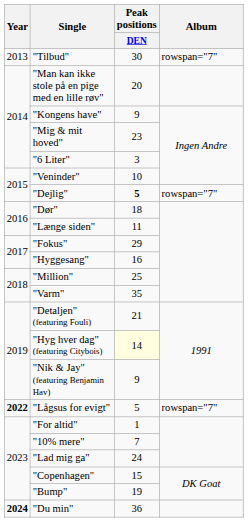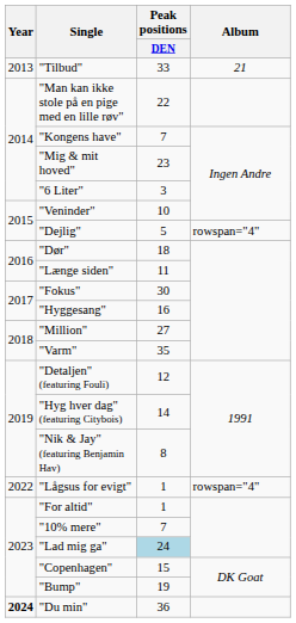 <table class="wikitable">
 <tr>
 <th align="center" rowspan="2" width="10">Year</th>
 <th align="center" rowspan="2" width="120">Single</th>
 <th align="center" colspan="1" width="20">Peak positions</th>
 <th align="center" rowspan="2" width="120">Album</th>
 </tr>
 <tr>
 <th scope="col" style="width:3em;font-size:90%;"><a href='#'>DEN</a><br></th>
 </tr>
 <tr>
 <td style="text-align:center;">2013</td>
 <td>"Tilbud"</td>
-<td style="text-align:center;">30</td>
-<td>rowspan="7" </td>
+<td style="text-align:center;">33</td>
+<td style="text-align:center;"><em>21</em></td>
 </tr>
 <tr>
 <td style="text-align:center;" rowspan=4>2014</td>
 <td>"Man kan ikke stole på en pige med en lille røv"</td>
-<td style="text-align:center;">20</td>
+<td style="text-align:center;">22</td>
 <td></td>
 </tr>
 <tr>
 <td>"Kongens have"</td>
-<td style="text-align:center;">9</td>
+<td style="text-align:center;">7</td>
 <td style="text-align:center;" rowspan="4"><em>Ingen Andre</em></td>
 </tr>
 <tr>
 <td>"Mig & mit hoved"</td>
 <td style="text-align:center;">23</td>
 </tr>
 <tr>
 <td>"6 Liter"</td>
 <td style="text-align:center;">3</td>
 </tr>
 <tr>
 <td style="text-align:center;" rowspan=2>2015</td>
 <td>"Veninder"</td>
 <td style="text-align:center;">10</td>
 </tr>
 <tr>
 <td>"Dejlig"</td>
-<td style="text-align:center;"><strong>5</strong></td>
-<td>rowspan="7" </td>
+<td style="text-align:center;">5</td>
+<td>rowspan="4" </td>
 </tr>
 <tr>
 <td style="text-align:center;" rowspan="2">2016</td>
 <td>"Dør"</td>
 <td style="text-align:center;">18</td>
 </tr>
 <tr>
 <td>"Længe siden"</td>
 <td style="text-align:center;">11</td>
 </tr>
 <tr>
 <td style="text-align:center;" rowspan="2">2017</td>
 <td>"Fokus"</td>
-<td style="text-align:center;">29</td>
+<td style="text-align:center;">30</td>
 </tr>
 <tr>
 <td>"Hyggesang"</td>
 <td style="text-align:center;">16</td>
 </tr>
 <tr>
 <td style="text-align:center;" rowspan="2">2018</td>
 <td>"Million"</td>
-<td style="text-align:center;">25</td>
+<td style="text-align:center;">27</td>
 </tr>
 <tr>
 <td>"Varm"</td>
 <td style="text-align:center;">35</td>
 </tr>
 <tr>
 <td style="text-align:center;" rowspan="3">2019</td>
 <td>"Detaljen"<br><small>(featuring Fouli)</small></td>
-<td style="text-align:center;">21<br></td>
+<td style="text-align:center;">12<br></td>
 <td style="text-align:center;" rowspan="3"><em>1991</em></td>
 </tr>
 <tr>
 <td>"Hyg hver dag"<br><small>(featuring Citybois)</small></td>
-<td style="background: lightyellow; text-align:center;">14<br></td>
+<td style="text-align:center;">14<br></td>
 </tr>
 <tr>
 <td>"Nik & Jay"<br><small>(featuring Benjamin Hav)</small></td>
-<td style="text-align:center;">9<br></td>
+<td style="text-align:center;">8<br></td>
 </tr>
 <tr>
-<td style="text-align:center;"><strong>2022</strong></td>
+<td style="text-align:center;">2022</td>
 <td>"Lågsus for evigt"<br></td>
-<td style="text-align:center;">5<br></td>
-<td>rowspan="7" </td>
+<td style="text-align:center;">1<br></td>
+<td>rowspan="4" </td>
 </tr>
 <tr>
 <td style="text-align:center;" rowspan="5">2023</td>
 <td>"For altid"</td>
 <td style="text-align:center;">1<br></td>
 </tr>
 <tr>
 <td>"10% mere"</td>
 <td style="text-align:center;">7<br></td>
 </tr>
 <tr>
 <td>"Lad mig ga"</td>
-<td style="text-align:center;">24<br></td>
+<td style="background: lightblue; text-align:center;">24<br></td>
 </tr>
 <tr>
 <td>"Copenhagen"</td>
 <td style="text-align:center;">15<br></td>
 <td style="text-align:center;" rowspan="2"><em>DK Goat</em></td>
 </tr>
 <tr>
 <td>"Bump"<br></td>
 <td style="text-align:center;">19<br></td>
 </tr>
 <tr>
 <td style="text-align:center;"><strong>2024</strong></td>
 <td>"Du min"</td>
 <td style="text-align:center;">36<br></td>
 <td></td>
 </tr>
 </table>
